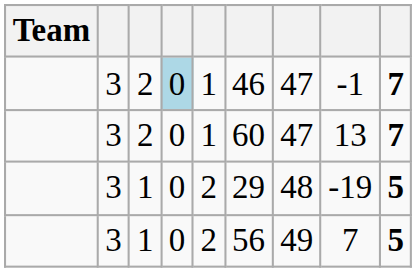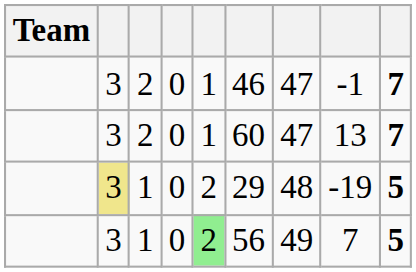 <table class="wikitable" style="text-align: center;">
 <tr>
 <th>Team</th>
 <th></th>
 <th></th>
 <th></th>
 <th></th>
 <th></th>
 <th></th>
 <th></th>
 <th></th>
 </tr>
 <tr>
 <td align="left"></td>
 <td>3</td>
 <td>2</td>
-<td style="background: lightblue;">0</td>
+<td>0</td>
 <td>1</td>
 <td>46</td>
 <td>47</td>
 <td>-1</td>
 <td><strong>7</strong></td>
 </tr>
 <tr>
 <td align="left"></td>
 <td>3</td>
 <td>2</td>
 <td>0</td>
 <td>1</td>
 <td>60</td>
 <td>47</td>
 <td>13</td>
 <td><strong>7</strong></td>
 </tr>
 <tr>
 <td align="left"></td>
-<td>3</td>
+<td style="background: khaki;">3</td>
 <td>1</td>
 <td>0</td>
 <td>2</td>
 <td>29</td>
 <td>48</td>
 <td>-19</td>
 <td><strong>5</strong></td>
 </tr>
 <tr>
 <td align="left"></td>
 <td>3</td>
 <td>1</td>
 <td>0</td>
-<td>2</td>
+<td style="background: lightgreen;">2</td>
 <td>56</td>
 <td>49</td>
 <td>7</td>
 <td><strong>5</strong></td>
 </tr>
 </table>
